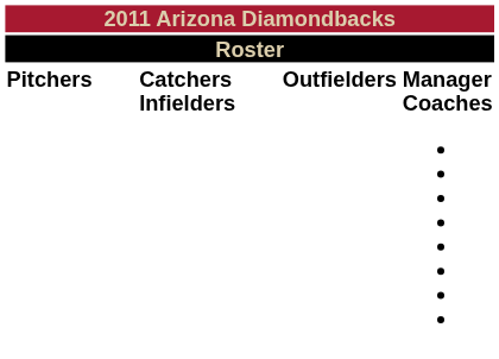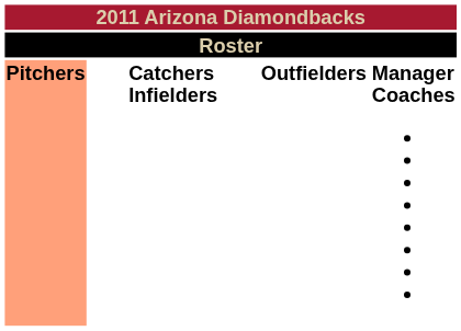 <table class="toccolours" style="font-size: 95%;">
 <tr>
 <th colspan="10" style="background-color: #A71930; color: #DBCEAC; text-align: center;">2011 Arizona Diamondbacks</th>
 </tr>
 <tr>
 <td colspan="10" style="background-color: black; color: #DBCEAC; text-align: center;"><strong>Roster</strong></td>
 </tr>
 <tr>
-<td valign="top"><strong>Pitchers</strong><br>                        </td>
+<td valign="top" style="background: lightsalmon;"><strong>Pitchers</strong><br>                        </td>
 <td width="25px"></td>
 <td valign="top"><strong>Catchers</strong><br>   <strong>Infielders</strong>                 </td>
 <td width="25px"></td>
 <td valign="top"><strong>Outfielders</strong><br>     </td>
 <td valign="top"><strong>Manager</strong><br> <strong>Coaches</strong><ul><li> </li><li> </li><li> </li><li> </li><li> </li><li> </li><li> </li><li> </li></ul></td>
 </tr>
 <tr>
 </tr>
 </table>
